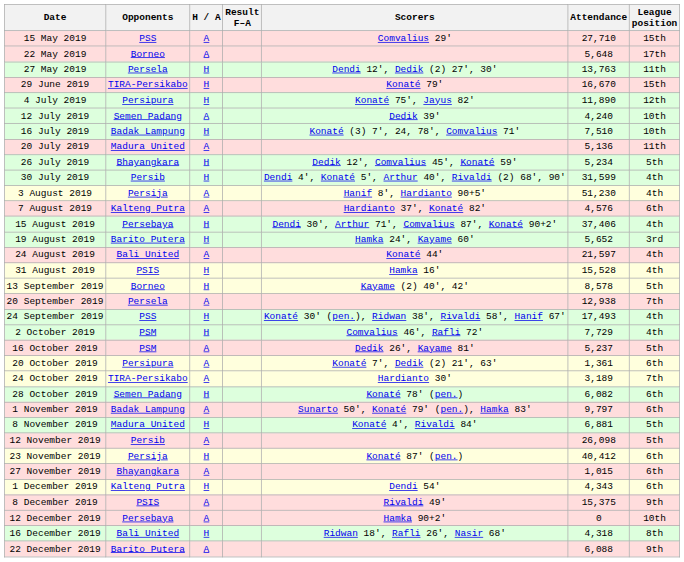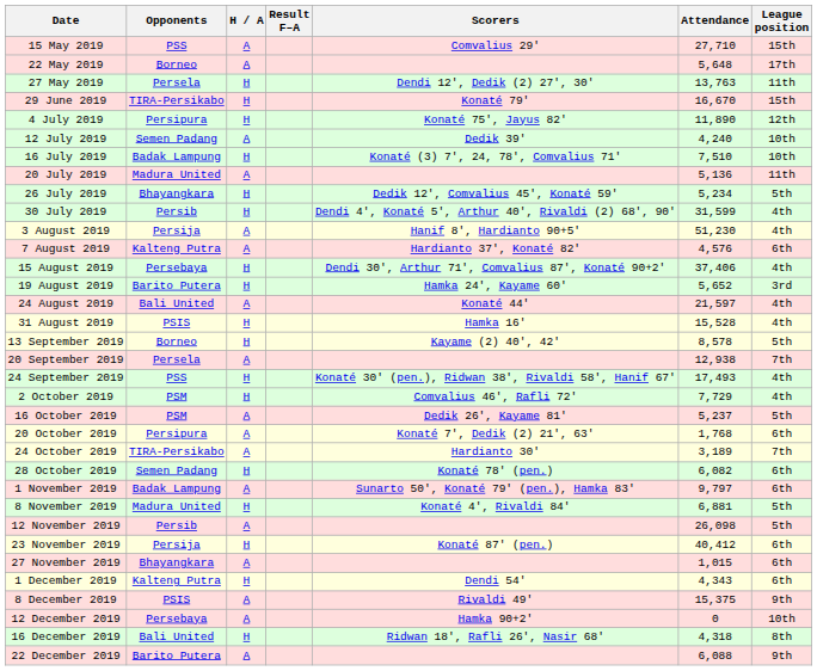 <table class="wikitable" style="text-align:center">
 <tr>
 <th>Date</th>
 <th>Opponents</th>
 <th>H / A</th>
 <th>Result<br>F–A</th>
 <th>Scorers</th>
 <th>Attendance</th>
 <th>League<br>position</th>
 </tr>
 <tr style="background:#ffdddd">
 <td>15 May 2019</td>
 <td><a href='#'>PSS</a></td>
 <td><a href='#'>A</a></td>
 <td></td>
 <td><a href='#'>Comvalius</a> 29'</td>
 <td>27,710</td>
 <td>15th</td>
 </tr>
 <tr style="background:#ffdddd">
 <td>22 May 2019</td>
 <td><a href='#'>Borneo</a></td>
 <td><a href='#'>A</a></td>
 <td></td>
 <td></td>
 <td>5,648</td>
 <td>17th</td>
 </tr>
 <tr style="background:#ddffdd">
 <td>27 May 2019</td>
 <td><a href='#'>Persela</a></td>
 <td><a href='#'>H</a></td>
 <td></td>
 <td><a href='#'>Dendi</a> 12', <a href='#'>Dedik</a> (2) 27', 30'</td>
 <td>13,763</td>
 <td>11th</td>
 </tr>
 <tr style="background:#ffdddd">
 <td>29 June 2019</td>
 <td><a href='#'>TIRA-Persikabo</a></td>
 <td><a href='#'>H</a></td>
 <td></td>
 <td><a href='#'>Konaté</a> 79'</td>
 <td>16,670</td>
 <td>15th</td>
 </tr>
 <tr style="background:#ddffdd">
 <td>4 July 2019</td>
 <td><a href='#'>Persipura</a></td>
 <td><a href='#'>H</a></td>
 <td></td>
 <td><a href='#'>Konaté</a> 75', <a href='#'>Jayus</a> 82'</td>
 <td>11,890</td>
 <td>12th</td>
 </tr>
 <tr style="background:#ddffdd">
 <td>12 July 2019</td>
 <td><a href='#'>Semen Padang</a></td>
 <td><a href='#'>A</a></td>
 <td></td>
 <td><a href='#'>Dedik</a> 39'</td>
 <td>4,240</td>
 <td>10th</td>
 </tr>
 <tr style="background:#ddffdd">
 <td>16 July 2019</td>
 <td><a href='#'>Badak Lampung</a></td>
 <td><a href='#'>H</a></td>
 <td></td>
 <td><a href='#'>Konaté</a> (3) 7', 24, 78', <a href='#'>Comvalius</a> 71'</td>
 <td>7,510</td>
 <td>10th</td>
 </tr>
 <tr style="background:#ffdddd">
 <td>20 July 2019</td>
 <td><a href='#'>Madura United</a></td>
 <td><a href='#'>A</a></td>
 <td></td>
 <td></td>
 <td>5,136</td>
 <td>11th</td>
 </tr>
 <tr style="background:#ddffdd">
 <td>26 July 2019</td>
 <td><a href='#'>Bhayangkara</a></td>
 <td><a href='#'>H</a></td>
 <td></td>
 <td><a href='#'>Dedik</a> 12', <a href='#'>Comvalius</a> 45', <a href='#'>Konaté</a> 59'</td>
 <td>5,234</td>
 <td>5th</td>
 </tr>
 <tr style="background:#ddffdd">
 <td>30 July 2019</td>
 <td><a href='#'>Persib</a></td>
 <td><a href='#'>H</a></td>
 <td></td>
 <td><a href='#'>Dendi</a> 4', <a href='#'>Konaté</a> 5', <a href='#'>Arthur</a> 40', <a href='#'>Rivaldi</a> (2) 68', 90'</td>
 <td>31,599</td>
 <td>4th</td>
 </tr>
 <tr style="background:#ffffdd">
 <td>3 August 2019</td>
 <td><a href='#'>Persija</a></td>
 <td><a href='#'>A</a></td>
 <td></td>
 <td><a href='#'>Hanif</a> 8', <a href='#'>Hardianto</a> 90+5'</td>
 <td>51,230</td>
 <td>4th</td>
 </tr>
 <tr style="background:#ffdddd">
 <td>7 August 2019</td>
 <td><a href='#'>Kalteng Putra</a></td>
 <td><a href='#'>A</a></td>
 <td></td>
 <td><a href='#'>Hardianto</a> 37', <a href='#'>Konaté</a> 82'</td>
 <td>4,576</td>
 <td>6th</td>
 </tr>
 <tr style="background:#ddffdd">
 <td>15 August 2019</td>
 <td><a href='#'>Persebaya</a></td>
 <td><a href='#'>H</a></td>
 <td></td>
 <td><a href='#'>Dendi</a> 30', <a href='#'>Arthur</a> 71', <a href='#'>Comvalius</a> 87', <a href='#'>Konaté</a> 90+2'</td>
 <td>37,406</td>
 <td>4th</td>
 </tr>
 <tr style="background:#ddffdd">
 <td>19 August 2019</td>
 <td><a href='#'>Barito Putera</a></td>
 <td><a href='#'>H</a></td>
 <td></td>
 <td><a href='#'>Hamka</a> 24', <a href='#'>Kayame</a> 60'</td>
 <td>5,652</td>
 <td>3rd</td>
 </tr>
 <tr style="background:#ffdddd">
 <td>24 August 2019</td>
 <td><a href='#'>Bali United</a></td>
 <td><a href='#'>A</a></td>
 <td></td>
 <td><a href='#'>Konaté</a> 44'</td>
 <td>21,597</td>
 <td>4th</td>
 </tr>
 <tr style="background:#ffffdd">
 <td>31 August 2019</td>
 <td><a href='#'>PSIS</a></td>
 <td><a href='#'>H</a></td>
 <td></td>
 <td><a href='#'>Hamka</a> 16'</td>
 <td>15,528</td>
 <td>4th</td>
 </tr>
 <tr style="background:#ffffdd">
 <td>13 September 2019</td>
 <td><a href='#'>Borneo</a></td>
 <td><a href='#'>H</a></td>
 <td></td>
 <td><a href='#'>Kayame</a> (2) 40', 42'</td>
 <td>8,578</td>
 <td>5th</td>
 </tr>
 <tr style="background:#ffdddd">
 <td>20 September 2019</td>
 <td><a href='#'>Persela</a></td>
 <td><a href='#'>A</a></td>
 <td></td>
 <td></td>
 <td>12,938</td>
 <td>7th</td>
 </tr>
 <tr style="background:#ddffdd">
 <td>24 September 2019</td>
 <td><a href='#'>PSS</a></td>
 <td><a href='#'>H</a></td>
 <td></td>
 <td><a href='#'>Konaté</a> 30' (<a href='#'>pen.</a>), <a href='#'>Ridwan</a> 38', <a href='#'>Rivaldi</a> 58', <a href='#'>Hanif</a> 67'</td>
 <td>17,493</td>
 <td>4th</td>
 </tr>
 <tr style="background:#ddffdd">
 <td>2 October 2019</td>
 <td><a href='#'>PSM</a></td>
 <td><a href='#'>H</a></td>
 <td></td>
 <td><a href='#'>Comvalius</a> 46', <a href='#'>Rafli</a> 72'</td>
 <td>7,729</td>
 <td>4th</td>
 </tr>
 <tr style="background:#ffdddd">
 <td>16 October 2019</td>
 <td><a href='#'>PSM</a></td>
 <td><a href='#'>A</a></td>
 <td></td>
 <td><a href='#'>Dedik</a> 26', <a href='#'>Kayame</a>  81'</td>
 <td>5,237</td>
 <td>5th</td>
 </tr>
 <tr style="background:#ffffdd">
 <td>20 October 2019</td>
 <td><a href='#'>Persipura</a></td>
 <td><a href='#'>A</a></td>
 <td></td>
 <td><a href='#'>Konaté</a> 7', <a href='#'>Dedik</a> (2) 21', 63'</td>
-<td>1,361</td>
+<td>1,768</td>
 <td>6th</td>
 </tr>
 <tr style="background:#ffffdd">
 <td>24 October 2019</td>
 <td><a href='#'>TIRA-Persikabo</a></td>
 <td><a href='#'>A</a></td>
 <td></td>
 <td><a href='#'>Hardianto</a> 30'</td>
 <td>3,189</td>
 <td>7th</td>
 </tr>
 <tr style="background:#ddffdd">
 <td>28 October 2019</td>
 <td><a href='#'>Semen Padang</a></td>
 <td><a href='#'>H</a></td>
 <td></td>
 <td><a href='#'>Konaté</a> 78' (<a href='#'>pen.</a>)</td>
 <td>6,082</td>
 <td>6th</td>
 </tr>
 <tr style="background:#ffdddd">
 <td>1 November 2019</td>
 <td><a href='#'>Badak Lampung</a></td>
 <td><a href='#'>A</a></td>
 <td></td>
 <td><a href='#'>Sunarto</a> 50', <a href='#'>Konaté</a> 79' (<a href='#'>pen.</a>), <a href='#'>Hamka</a> 83'</td>
 <td>9,797</td>
 <td>6th</td>
 </tr>
 <tr style="background:#ddffdd">
 <td>8 November 2019</td>
 <td><a href='#'>Madura United</a></td>
 <td><a href='#'>H</a></td>
 <td></td>
 <td><a href='#'>Konaté</a> 4', <a href='#'>Rivaldi</a> 84'</td>
 <td>6,881</td>
 <td>5th</td>
 </tr>
 <tr style="background:#ffdddd">
 <td>12 November 2019</td>
 <td><a href='#'>Persib</a></td>
 <td><a href='#'>A</a></td>
 <td></td>
 <td></td>
 <td>26,098</td>
 <td>5th</td>
 </tr>
 <tr style="background:#ffffdd">
 <td>23 November 2019</td>
 <td><a href='#'>Persija</a></td>
 <td><a href='#'>H</a></td>
 <td></td>
 <td><a href='#'>Konaté</a> 87' (<a href='#'>pen.</a>)</td>
 <td>40,412</td>
 <td>6th</td>
 </tr>
 <tr style="background:#ffdddd">
 <td>27 November 2019</td>
 <td><a href='#'>Bhayangkara</a></td>
 <td><a href='#'>A</a></td>
 <td></td>
 <td></td>
 <td>1,015</td>
 <td>6th</td>
 </tr>
 <tr style="background:#ffffdd">
 <td>1 December 2019</td>
 <td><a href='#'>Kalteng Putra</a></td>
 <td><a href='#'>H</a></td>
 <td></td>
 <td><a href='#'>Dendi</a> 54'</td>
 <td>4,343</td>
 <td>6th</td>
 </tr>
 <tr style="background:#ffdddd">
 <td>8 December 2019</td>
 <td><a href='#'>PSIS</a></td>
 <td><a href='#'>A</a></td>
 <td></td>
 <td><a href='#'>Rivaldi</a> 49'</td>
 <td>15,375</td>
 <td>9th</td>
 </tr>
 <tr style="background:#ffdddd">
 <td>12 December 2019</td>
 <td><a href='#'>Persebaya</a></td>
 <td><a href='#'>A</a></td>
 <td></td>
 <td><a href='#'>Hamka</a> 90+2'</td>
 <td>0</td>
 <td>10th</td>
 </tr>
 <tr style="background:#ddffdd">
 <td>16 December 2019</td>
 <td><a href='#'>Bali United</a></td>
 <td><a href='#'>H</a></td>
 <td></td>
 <td><a href='#'>Ridwan</a> 18', <a href='#'>Rafli</a> 26', <a href='#'>Nasir</a>  68'</td>
 <td>4,318</td>
 <td>8th</td>
 </tr>
 <tr style="background:#ffdddd">
 <td>22 December 2019</td>
 <td><a href='#'>Barito Putera</a></td>
 <td><a href='#'>A</a></td>
 <td></td>
 <td></td>
 <td>6,088</td>
 <td>9th</td>
 </tr>
 </table>
